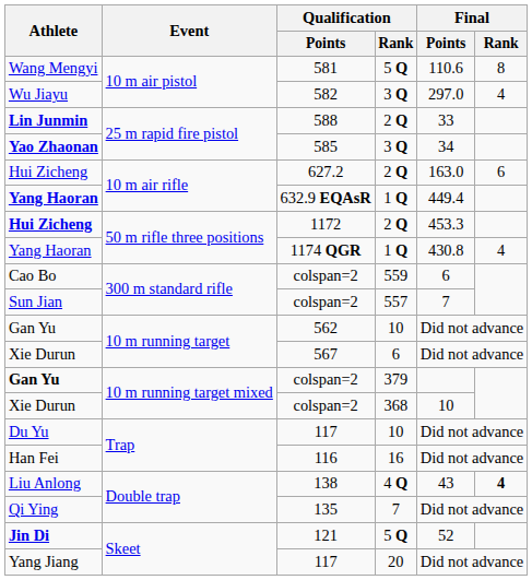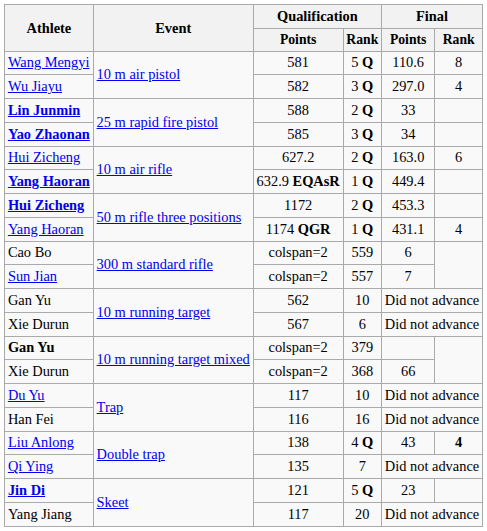 <table class=wikitable style=font-size:90%;text-align:center>
 <tr>
 <th rowspan="2">Athlete</th>
 <th rowspan="2">Event</th>
 <th colspan=2>Qualification</th>
 <th colspan=2>Final</th>
 </tr>
 <tr style="font-size:95%">
 <th>Points</th>
 <th>Rank</th>
 <th>Points</th>
 <th>Rank</th>
 </tr>
 <tr>
 <td align=left><a href='#'>Wang Mengyi</a></td>
 <td align=left rowspan=2><a href='#'>10 m air pistol</a></td>
 <td>581</td>
 <td>5 <strong>Q</strong></td>
 <td>110.6</td>
 <td>8</td>
 </tr>
 <tr>
 <td align=left><a href='#'>Wu Jiayu</a></td>
 <td>582</td>
 <td>3 <strong>Q</strong></td>
 <td>297.0</td>
 <td>4</td>
 </tr>
 <tr>
 <td align=left><strong><a href='#'>Lin Junmin</a></strong></td>
 <td align=left rowspan=2><a href='#'>25 m rapid fire pistol</a></td>
 <td>588</td>
 <td>2 <strong>Q</strong></td>
 <td>33</td>
 <td></td>
 </tr>
 <tr>
 <td align=left><strong><a href='#'>Yao Zhaonan</a></strong></td>
 <td>585</td>
 <td>3 <strong>Q</strong></td>
 <td>34 </td>
 <td></td>
 </tr>
 <tr>
 <td align=left><a href='#'>Hui Zicheng</a></td>
 <td align=left rowspan=2><a href='#'>10 m air rifle</a></td>
 <td>627.2</td>
 <td>2 <strong>Q</strong></td>
 <td>163.0</td>
 <td>6</td>
 </tr>
 <tr>
 <td align=left><strong><a href='#'>Yang Haoran</a></strong></td>
 <td>632.9 <strong>EQAsR</strong></td>
 <td>1 <strong>Q</strong></td>
 <td>449.4 </td>
 <td></td>
 </tr>
 <tr>
 <td align=left><strong><a href='#'>Hui Zicheng</a></strong></td>
 <td align=left rowspan=2><a href='#'>50 m rifle three positions</a></td>
 <td>1172</td>
 <td>2 <strong>Q</strong></td>
 <td>453.3</td>
 <td></td>
 </tr>
 <tr>
 <td align=left><a href='#'>Yang Haoran</a></td>
 <td>1174 <strong>QGR</strong></td>
 <td>1 <strong>Q</strong></td>
-<td>430.8</td>
+<td>431.1</td>
 <td>4</td>
 </tr>
 <tr>
 <td align=left>Cao Bo</td>
 <td align=left rowspan=2><a href='#'>300 m standard rifle</a></td>
 <td>colspan=2 </td>
 <td>559</td>
 <td>6</td>
 </tr>
 <tr>
 <td align=left><a href='#'>Sun Jian</a></td>
 <td>colspan=2 </td>
 <td>557</td>
 <td>7</td>
 </tr>
 <tr>
 <td align=left>Gan Yu</td>
 <td align=left rowspan=2><a href='#'>10 m running target</a></td>
 <td>562</td>
 <td>10</td>
 <td colspan=2>Did not advance</td>
 </tr>
 <tr>
 <td align=left>Xie Durun</td>
 <td>567</td>
 <td>6</td>
 <td colspan=2>Did not advance</td>
 </tr>
 <tr>
 <td align=left><strong>Gan Yu</strong></td>
 <td align=left rowspan=2><a href='#'>10 m running target mixed</a></td>
 <td>colspan=2 </td>
 <td>379</td>
 <td></td>
 </tr>
 <tr>
 <td align=left>Xie Durun</td>
 <td>colspan=2 </td>
 <td>368</td>
-<td>10</td>
+<td>66</td>
 </tr>
 <tr>
 <td align=left><a href='#'>Du Yu</a></td>
 <td align=left rowspan=2><a href='#'>Trap</a></td>
 <td>117</td>
 <td>10</td>
 <td colspan=2>Did not advance</td>
 </tr>
 <tr>
 <td align=left>Han Fei</td>
 <td>116</td>
 <td>16</td>
 <td colspan=2>Did not advance</td>
 </tr>
 <tr>
 <td align=left><a href='#'>Liu Anlong</a></td>
 <td align=left rowspan=2><a href='#'>Double trap</a></td>
 <td>138</td>
 <td>4 <strong>Q</strong></td>
 <td>43</td>
 <td><strong>4</strong></td>
 </tr>
 <tr>
 <td align=left><a href='#'>Qi Ying</a></td>
 <td>135</td>
 <td>7</td>
 <td colspan=2>Did not advance</td>
 </tr>
 <tr>
 <td align=left><strong><a href='#'>Jin Di</a></strong></td>
 <td align=left rowspan=2><a href='#'>Skeet</a></td>
 <td>121</td>
 <td>5 <strong>Q</strong></td>
-<td>52 </td>
+<td>23 </td>
 <td></td>
 </tr>
 <tr>
 <td align=left>Yang Jiang</td>
 <td>117</td>
 <td>20</td>
 <td colspan=2>Did not advance</td>
 </tr>
 </table>
